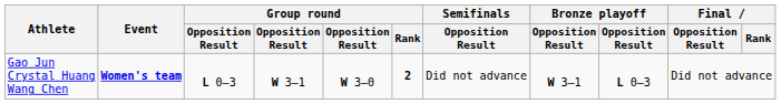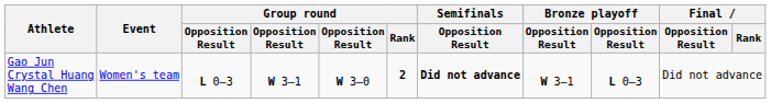 <table class=wikitable style=font-size:90%;text-align:center>
 <tr>
 <th rowspan=2>Athlete</th>
 <th rowspan=2>Event</th>
 <th colspan=4>Group round</th>
 <th>Semifinals</th>
 <th colspan=2>Bronze playoff</th>
 <th colspan=2>Final / </th>
 </tr>
 <tr style=font-size:95%>
 <th>Opposition<br>Result</th>
 <th>Opposition<br>Result</th>
 <th>Opposition<br>Result</th>
 <th>Rank</th>
 <th>Opposition<br>Result</th>
 <th>Opposition<br>Result</th>
 <th>Opposition<br>Result</th>
 <th>Opposition<br>Result</th>
 <th>Rank</th>
 </tr>
 <tr>
 <td align=left><a href='#'>Gao Jun</a><br><a href='#'>Crystal Huang</a><br><a href='#'>Wang Chen</a></td>
-<td align=left><strong><a href='#'>Women's team</a></strong></td>
+<td align=left><a href='#'>Women's team</a></td>
 <td><br><strong>L</strong> 0–3</td>
 <td><br><strong>W</strong> 3–1</td>
 <td><br><strong>W</strong> 3–0</td>
 <td><strong>2</strong></td>
-<td>Did not advance</td>
+<td><strong>Did not advance</strong></td>
 <td><br><strong>W</strong> 3–1</td>
 <td><br><strong>L</strong> 0–3</td>
 <td colspan=2>Did not advance</td>
 </tr>
 </table>
